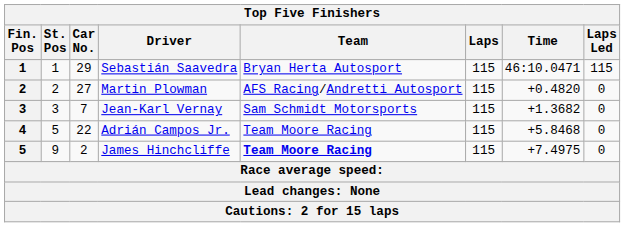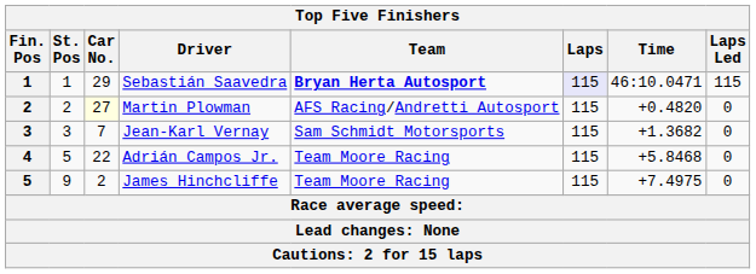 <table class="wikitable" style="font-size:95%;">
 <tr>
 <th colspan=9>Top Five Finishers</th>
 </tr>
 <tr>
 <th>Fin.<br>Pos</th>
 <th>St.<br>Pos</th>
 <th>Car<br>No.</th>
 <th>Driver</th>
 <th>Team</th>
 <th>Laps</th>
 <th>Time</th>
 <th>Laps<br>Led</th>
 </tr>
 <tr>
 <th>1</th>
 <td align=center>1</td>
 <td align=center>29</td>
 <td> <a href='#'>Sebastián Saavedra</a></td>
-<td><a href='#'>Bryan Herta Autosport</a></td>
-<td align=center>115</td>
+<td><strong><a href='#'>Bryan Herta Autosport</a></strong></td>
+<td align=center style="background: lavender;">115</td>
 <td align=right>46:10.0471</td>
 <td align=center>115</td>
 </tr>
 <tr>
 <th>2</th>
 <td align=center>2</td>
-<td align=center>27</td>
+<td align=center style="background: lightyellow;">27</td>
 <td> <a href='#'>Martin Plowman</a></td>
 <td><a href='#'>AFS Racing</a>/<a href='#'>Andretti Autosport</a></td>
 <td align=center>115</td>
 <td align=right>+0.4820</td>
 <td align=center>0</td>
 </tr>
 <tr>
 <th>3</th>
 <td align=center>3</td>
 <td align=center>7</td>
 <td> <a href='#'>Jean-Karl Vernay</a></td>
 <td><a href='#'>Sam Schmidt Motorsports</a></td>
 <td align=center>115</td>
 <td align=right>+1.3682</td>
 <td align=center>0</td>
 </tr>
 <tr>
 <th>4</th>
 <td align=center>5</td>
 <td align=center>22</td>
 <td> <a href='#'>Adrián Campos Jr.</a></td>
 <td><a href='#'>Team Moore Racing</a></td>
 <td align=center>115</td>
 <td align=right>+5.8468</td>
 <td align=center>0</td>
 </tr>
 <tr>
 <th>5</th>
 <td align=center>9</td>
 <td align=center>2</td>
 <td> <a href='#'>James Hinchcliffe</a></td>
-<td><strong><a href='#'>Team Moore Racing</a></strong></td>
+<td><a href='#'>Team Moore Racing</a></td>
 <td align=center>115</td>
 <td align=right>+7.4975</td>
 <td align=center>0</td>
 </tr>
 <tr>
 <th colspan=9>Race average speed: </th>
 </tr>
 <tr>
 <th colspan=9>Lead changes: None</th>
 </tr>
 <tr>
 <th colspan=9>Cautions: 2 for 15 laps</th>
 </tr>
 </table>
